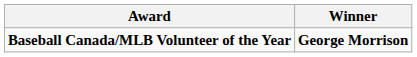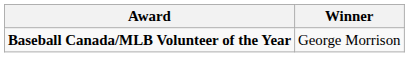 <table class="wikitable">
 <tr>
 <th>Award</th>
 <th>Winner</th>
 </tr>
 <tr>
 <td><strong>Baseball Canada/MLB Volunteer of the Year</strong></td>
-<td><strong>George Morrison</strong></td>
+<td>George Morrison</td>
 </tr>
 </table>
